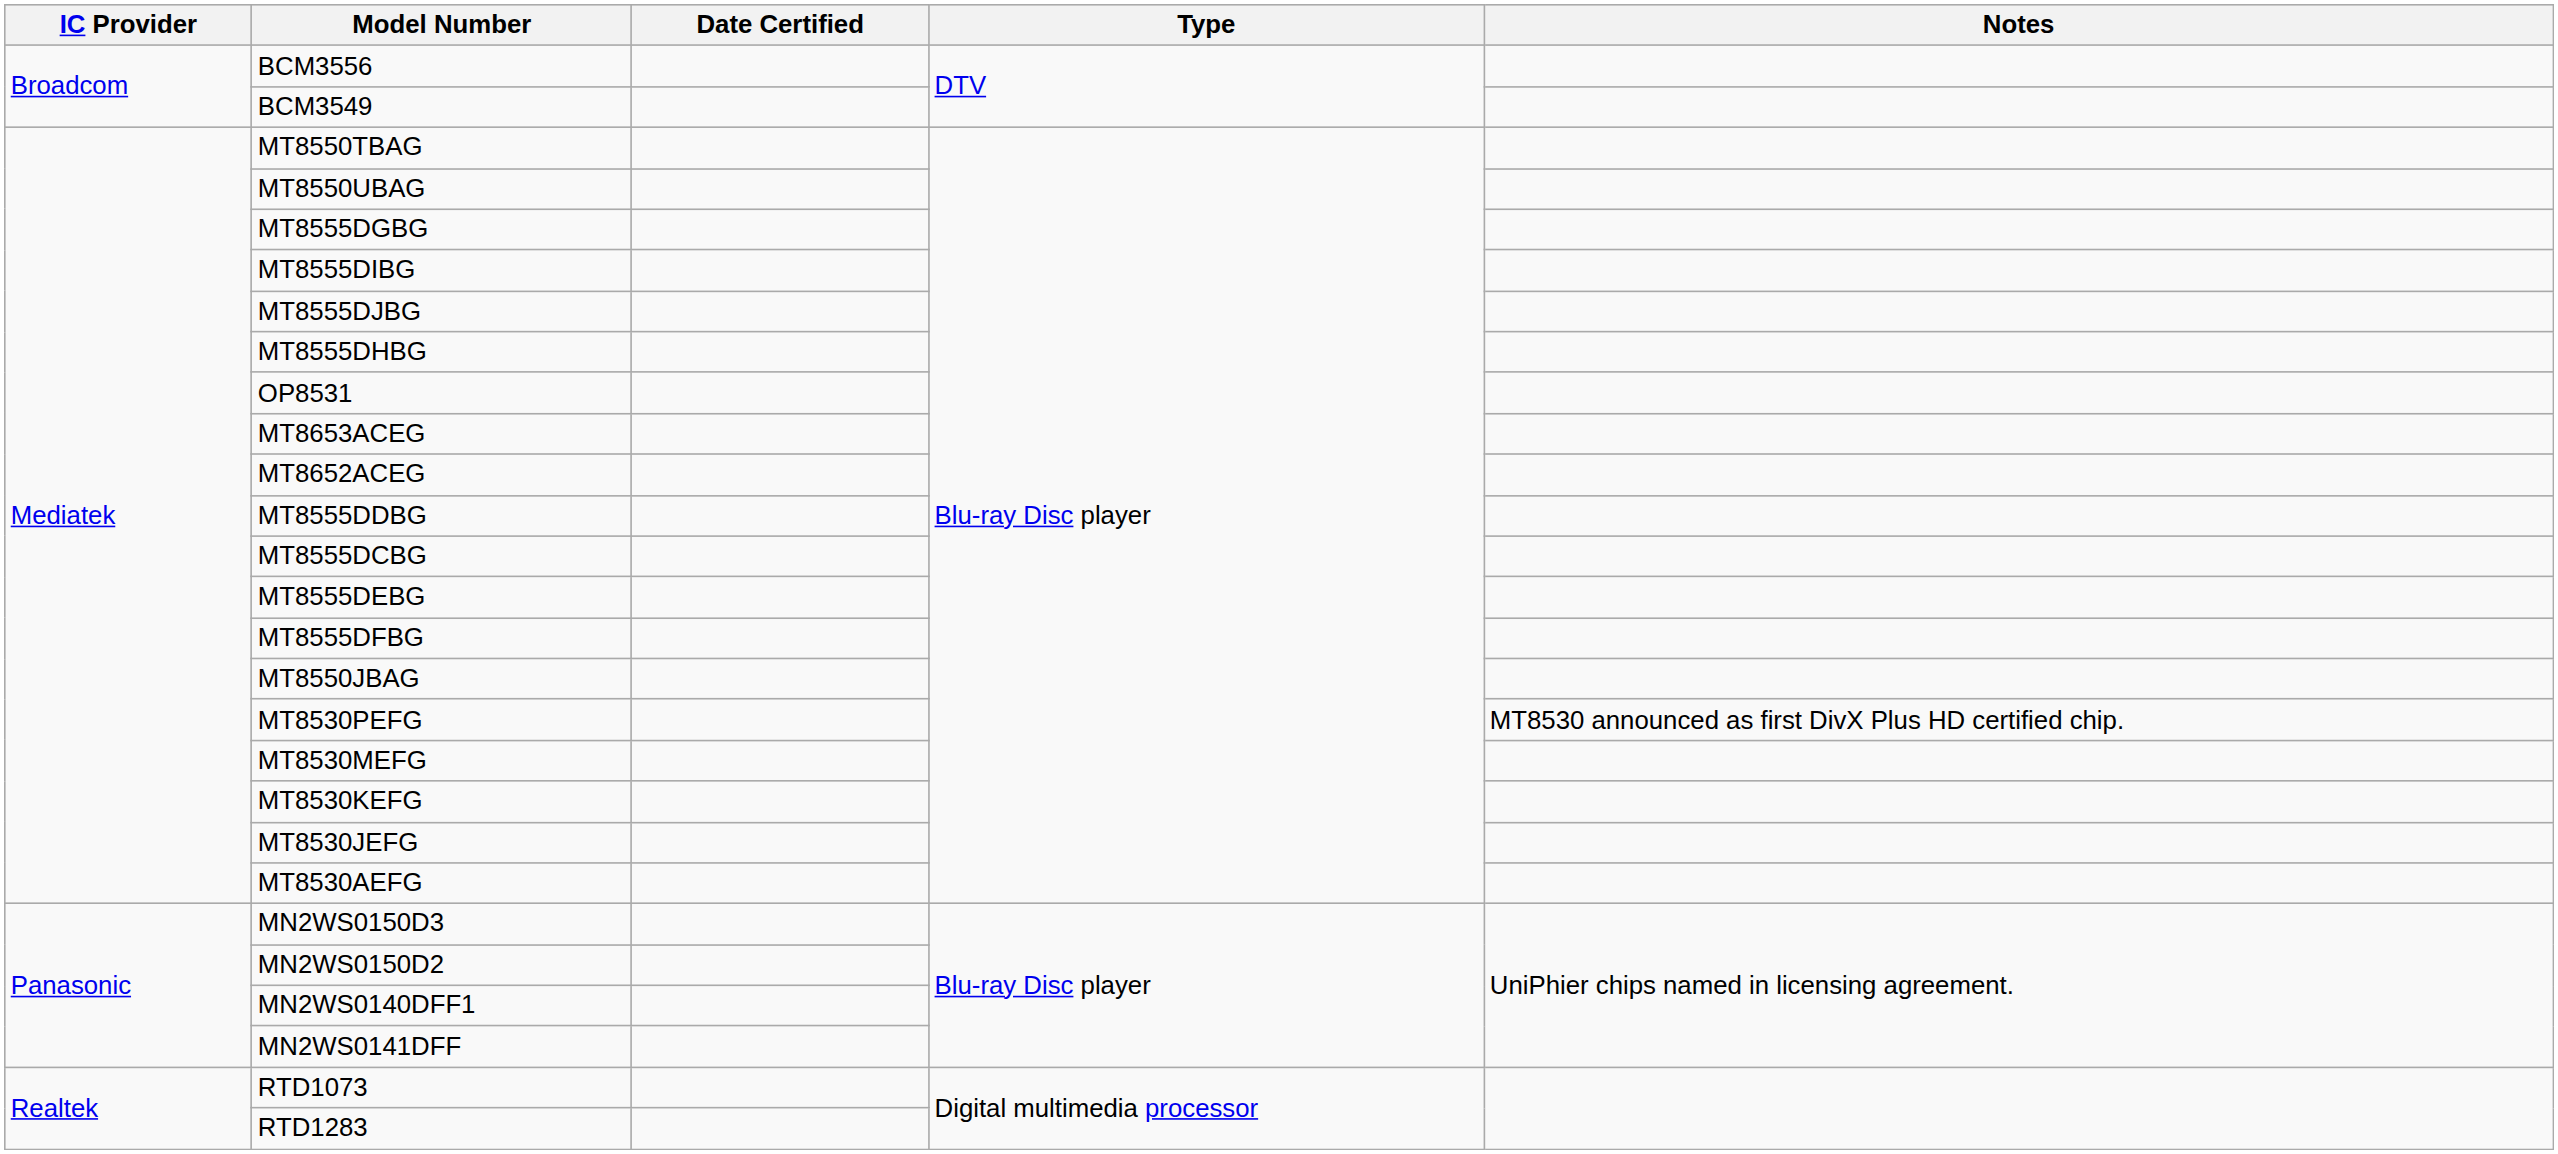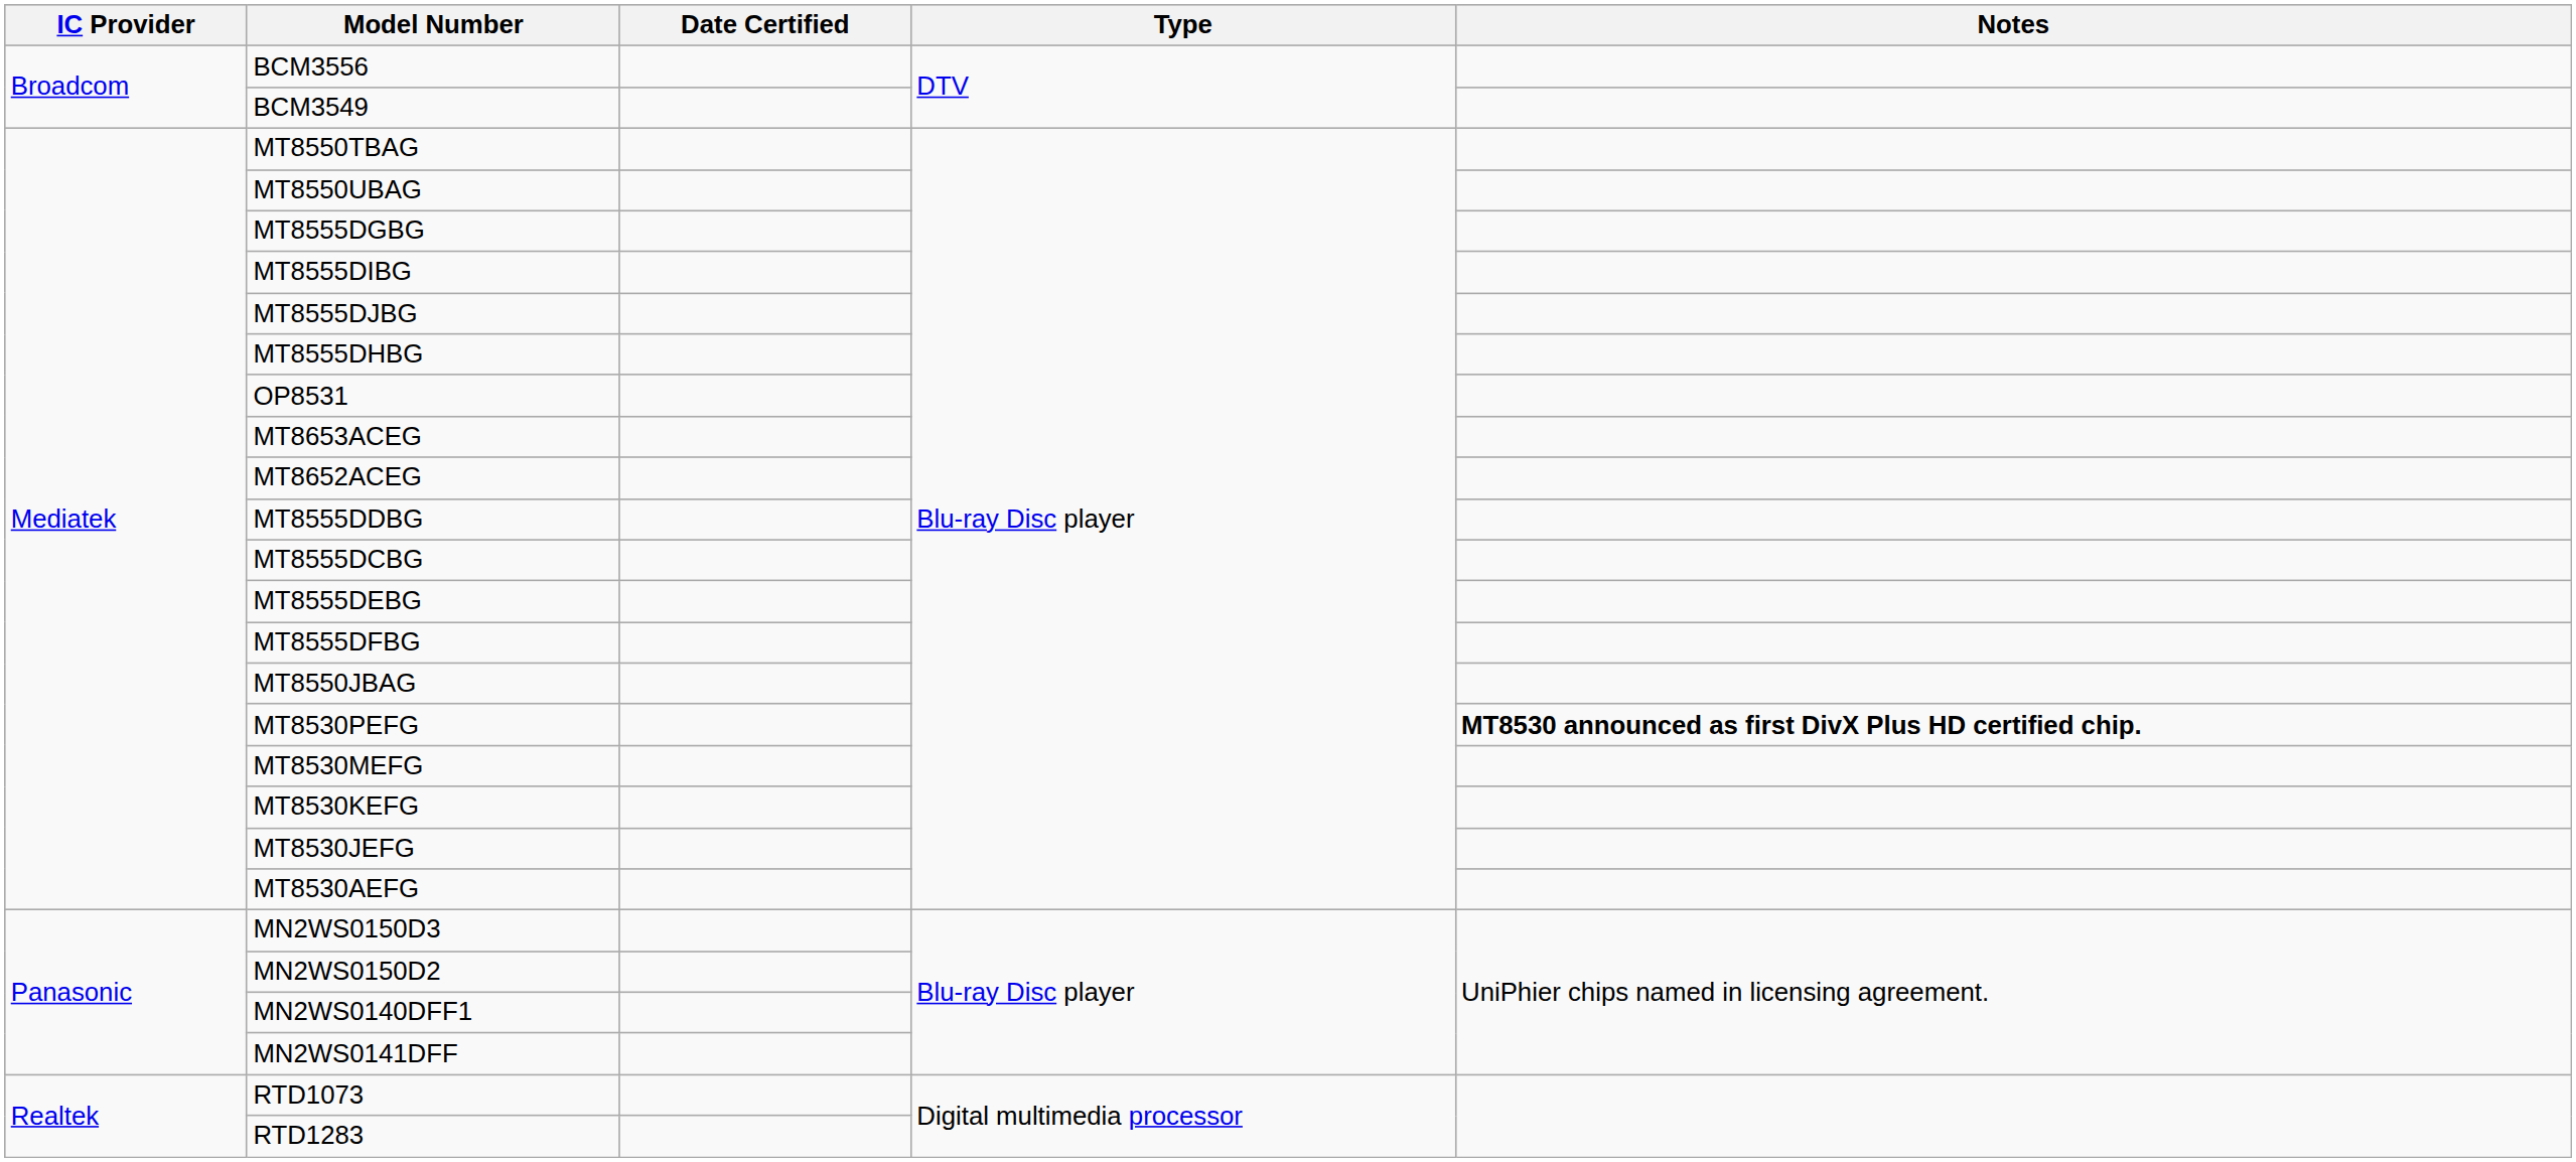 <table class="wikitable" width="100%">
 <tr>
 <th><a href='#'>IC</a> Provider</th>
 <th>Model Number</th>
 <th>Date Certified</th>
 <th>Type</th>
 <th>Notes</th>
 </tr>
 <tr>
 <td rowspan = "2"><a href='#'>Broadcom</a></td>
 <td>BCM3556</td>
 <td></td>
 <td rowspan = "2"><a href='#'>DTV</a></td>
 <td></td>
 </tr>
 <tr>
 <td>BCM3549</td>
 <td></td>
 <td></td>
 </tr>
 <tr>
 <td rowspan = "19"><a href='#'>Mediatek</a></td>
 <td>MT8550TBAG</td>
 <td></td>
 <td rowspan = "19"><a href='#'>Blu-ray Disc</a> player</td>
 <td></td>
 </tr>
 <tr>
 <td>MT8550UBAG</td>
 <td></td>
 <td></td>
 </tr>
 <tr>
 <td>MT8555DGBG</td>
 <td></td>
 <td></td>
 </tr>
 <tr>
 <td>MT8555DIBG</td>
 <td></td>
 <td></td>
 </tr>
 <tr>
 <td>MT8555DJBG</td>
 <td></td>
 <td></td>
 </tr>
 <tr>
 <td>MT8555DHBG</td>
 <td></td>
 <td></td>
 </tr>
 <tr>
 <td>OP8531</td>
 <td></td>
 <td></td>
 </tr>
 <tr>
 <td>MT8653ACEG</td>
 <td></td>
 <td></td>
 </tr>
 <tr>
 <td>MT8652ACEG</td>
 <td></td>
 <td></td>
 </tr>
 <tr>
 <td>MT8555DDBG</td>
 <td></td>
 <td></td>
 </tr>
 <tr>
 <td>MT8555DCBG</td>
 <td></td>
 <td></td>
 </tr>
 <tr>
 <td>MT8555DEBG</td>
 <td></td>
 <td></td>
 </tr>
 <tr>
 <td>MT8555DFBG</td>
 <td></td>
 <td></td>
 </tr>
 <tr>
 <td>MT8550JBAG</td>
 <td></td>
 <td></td>
 </tr>
 <tr>
 <td>MT8530PEFG</td>
 <td></td>
-<td>MT8530 announced as first DivX Plus HD certified chip.</td>
+<td><strong>MT8530 announced as first DivX Plus HD certified chip.</strong></td>
 </tr>
 <tr>
 <td>MT8530MEFG</td>
 <td></td>
 <td></td>
 </tr>
 <tr>
 <td>MT8530KEFG</td>
 <td></td>
 <td></td>
 </tr>
 <tr>
 <td>MT8530JEFG</td>
 <td></td>
 <td></td>
 </tr>
 <tr>
 <td>MT8530AEFG</td>
 <td></td>
 <td></td>
 </tr>
 <tr>
 <td rowspan = "4"><a href='#'>Panasonic</a></td>
 <td>MN2WS0150D3</td>
 <td></td>
 <td rowspan = "4"><a href='#'>Blu-ray Disc</a> player</td>
 <td rowspan = "4">UniPhier chips named in licensing agreement.</td>
 </tr>
 <tr>
 <td>MN2WS0150D2</td>
 <td></td>
 </tr>
 <tr>
 <td>MN2WS0140DFF1</td>
 <td></td>
 </tr>
 <tr>
 <td>MN2WS0141DFF</td>
 <td></td>
 </tr>
 <tr>
 <td rowspan =  "2"><a href='#'>Realtek</a></td>
 <td>RTD1073</td>
 <td></td>
 <td rowspan =  "2">Digital multimedia <a href='#'>processor</a></td>
 <td rowspan =  "2"></td>
 </tr>
 <tr>
 <td>RTD1283</td>
 <td></td>
 </tr>
 </table>
